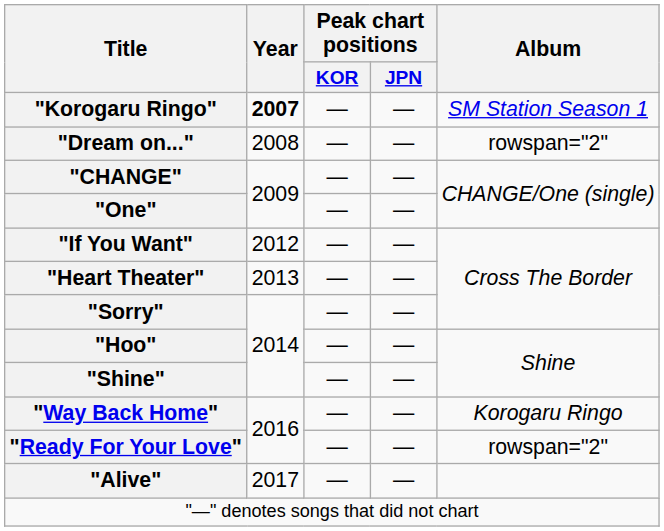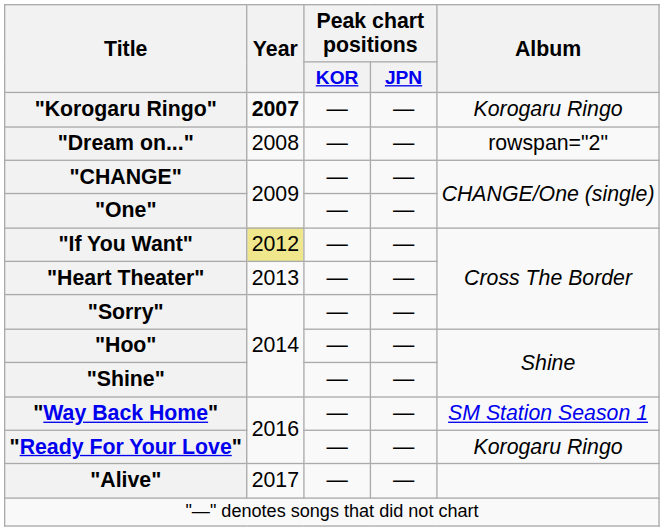 <table class="wikitable plainrowheaders" style="text-align:center;">
 <tr>
 <th scope="col" rowspan="2">Title</th>
 <th scope="col" rowspan="2">Year</th>
 <th scope="col" colspan="2">Peak chart positions</th>
 <th scope="col" rowspan="2">Album</th>
 </tr>
 <tr>
 <th scope="col" style="width:3em;font-size:90%;"><a href='#'>KOR</a><br></th>
 <th scope="col" style="width:3em;font-size:90%;"><a href='#'>JPN</a></th>
 </tr>
 <tr>
 <th scope="row">"Korogaru Ringo"</th>
 <td><strong>2007</strong></td>
 <td>—</td>
 <td>—</td>
-<td><em><a href='#'>SM Station Season 1</a></em></td>
+<td><em>Korogaru Ringo</em></td>
 </tr>
 <tr>
 <th scope="row">"Dream on..."</th>
 <td>2008</td>
 <td>—</td>
 <td>—</td>
 <td>rowspan="2" </td>
 </tr>
 <tr>
 <th scope="row">"CHANGE"</th>
 <td rowspan="2">2009</td>
 <td>—</td>
 <td>—</td>
 <td rowspan="2"><em>CHANGE/One (single)</em></td>
 </tr>
 <tr>
 <th scope="row">"One"</th>
 <td>—</td>
 <td>—</td>
 </tr>
 <tr>
 <th scope="row">"If You Want"</th>
-<td>2012</td>
+<td style="background: khaki;">2012</td>
 <td>—</td>
 <td>—</td>
 <td rowspan=3><em>Cross The Border</em></td>
 </tr>
 <tr>
 <th scope="row">"Heart Theater"</th>
 <td>2013</td>
 <td>—</td>
 <td>—</td>
 </tr>
 <tr>
 <th scope="row">"Sorry"</th>
 <td rowspan="3">2014</td>
 <td>—</td>
 <td>—</td>
 </tr>
 <tr>
 <th scope="row">"Hoo"</th>
 <td>—</td>
 <td>—</td>
 <td rowspan="2"><em>Shine</em></td>
 </tr>
 <tr>
 <th scope="row">"Shine"</th>
 <td>—</td>
 <td>—</td>
 </tr>
 <tr>
 <th scope="row">"<a href='#'>Way Back Home</a>"</th>
 <td rowspan="2">2016</td>
 <td>—</td>
 <td>—</td>
-<td><em>Korogaru Ringo</em></td>
+<td><em><a href='#'>SM Station Season 1</a></em></td>
 </tr>
 <tr>
 <th scope="row">"<a href='#'>Ready For Your Love</a>"</th>
 <td>—</td>
 <td>—</td>
-<td>rowspan="2" </td>
+<td><em>Korogaru Ringo</em></td>
 </tr>
 <tr>
 <th scope="row">"Alive"</th>
 <td>2017</td>
 <td>—</td>
 <td>—</td>
 </tr>
 <tr>
 <td colspan="9" style="font-size:85%;">"—" denotes songs that did not chart</td>
 </tr>
 </table>
